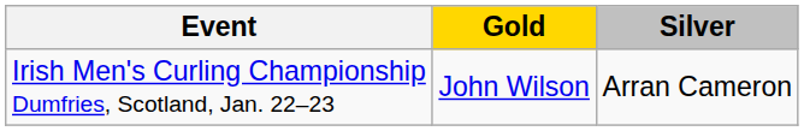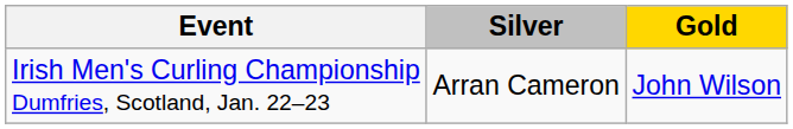 <table class="wikitable">
 <tr>
 <th>Event</th>
+<th style="background:silver">Silver</th>
 <th style="background:gold">Gold</th>
-<th style="background:silver">Silver</th>
 </tr>
 <tr>
 <td><a href='#'>Irish Men's Curling Championship</a><br> <small><a href='#'>Dumfries</a>, Scotland, Jan. 22–23</small></td>
+<td>Arran Cameron</td>
 <td><a href='#'>John Wilson</a></td>
-<td>Arran Cameron</td>
 </tr>
 </table>
